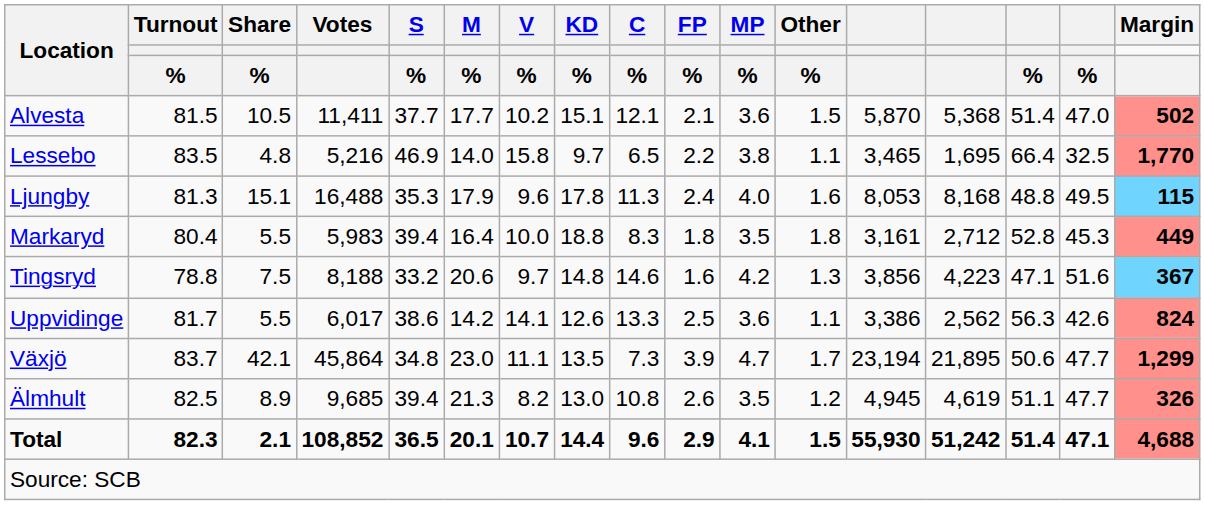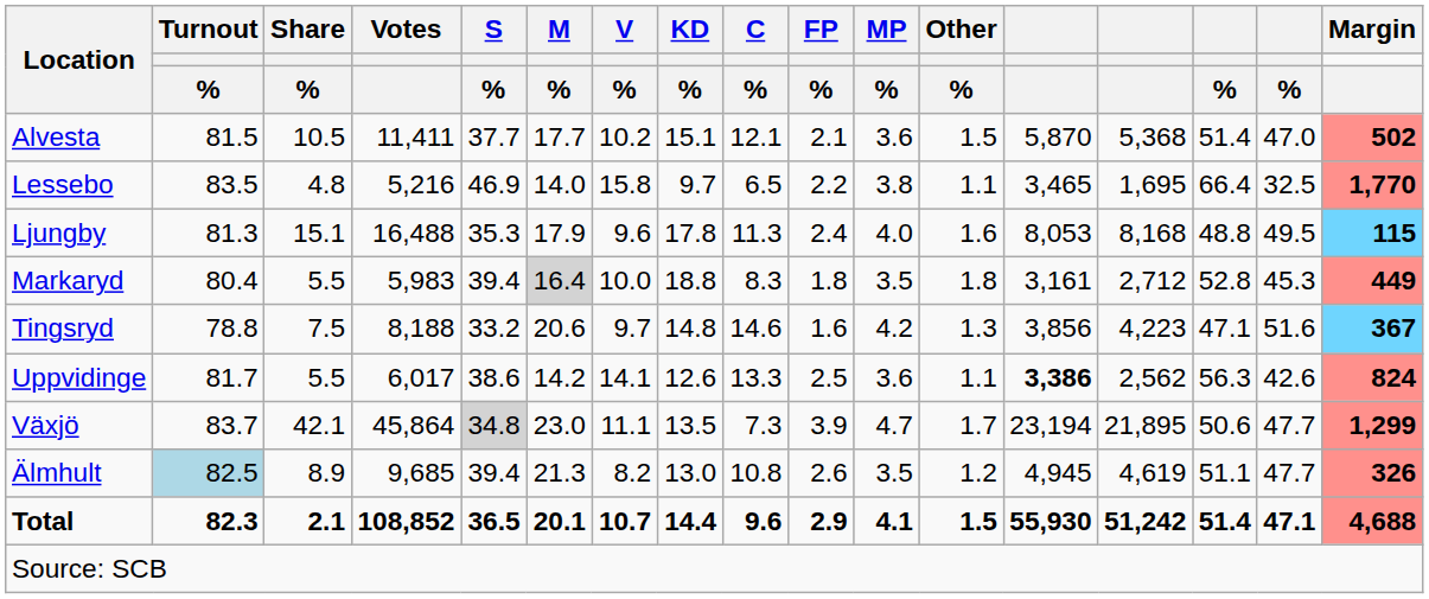 <table class="wikitable sortable" style="text-align:right; font-size:95%; line-height:20px;">
 <tr>
 <th rowspan="3">Location</th>
 <th>Turnout</th>
 <th>Share</th>
 <th>Votes</th>
 <th width="30px" class="unsortable"><a href='#'>S</a></th>
 <th width="30px" class="unsortable"><a href='#'>M</a></th>
 <th width="30px" class="unsortable"><a href='#'>V</a></th>
 <th width="30px" class="unsortable"><a href='#'>KD</a></th>
 <th width="30px" class="unsortable"><a href='#'>C</a></th>
 <th width="30px" class="unsortable"><a href='#'>FP</a></th>
 <th width="30px" class="unsortable"><a href='#'>MP</a></th>
 <th width="30px" class="unsortable">Other</th>
 <th></th>
 <th></th>
 <th></th>
 <th></th>
 <th>Margin</th>
 </tr>
 <tr>
 <th></th>
 <th></th>
 <th></th>
 <th style="background:"></th>
 <th style="background:"></th>
 <th style="background:"></th>
 <th style="background:"></th>
 <th style="background:"></th>
 <th style="background:"></th>
 <th style="background:"></th>
 <th style="background:"></th>
 <th style="background:"></th>
 <th style="background:"></th>
 <th style="background:"></th>
 <th style="background:"></th>
 </tr>
 <tr>
 <th data-sort-type="number">%</th>
 <th data-sort-type="number">%</th>
 <th></th>
 <th data-sort-type="number">%</th>
 <th data-sort-type="number">%</th>
 <th data-sort-type="number">%</th>
 <th data-sort-type="number">%</th>
 <th data-sort-type="number">%</th>
 <th data-sort-type="number">%</th>
 <th data-sort-type="number">%</th>
 <th data-sort-type="number">%</th>
 <th data-sort-type="number"></th>
 <th data-sort-type="number"></th>
 <th data-sort-type="number">%</th>
 <th data-sort-type="number">%</th>
 <th data-sort-type="number"></th>
 </tr>
 <tr>
 <td align=left><a href='#'>Alvesta</a></td>
 <td>81.5</td>
 <td>10.5</td>
 <td>11,411</td>
 <td>37.7</td>
 <td>17.7</td>
 <td>10.2</td>
 <td>15.1</td>
 <td>12.1</td>
 <td>2.1</td>
 <td>3.6</td>
 <td>1.5</td>
 <td>5,870</td>
 <td>5,368</td>
 <td>51.4</td>
 <td>47.0</td>
 <td bgcolor=#ff908c><strong>502</strong></td>
 </tr>
 <tr>
 <td align=left><a href='#'>Lessebo</a></td>
 <td>83.5</td>
 <td>4.8</td>
 <td>5,216</td>
 <td>46.9</td>
 <td>14.0</td>
 <td>15.8</td>
 <td>9.7</td>
 <td>6.5</td>
 <td>2.2</td>
 <td>3.8</td>
 <td>1.1</td>
 <td>3,465</td>
 <td>1,695</td>
 <td>66.4</td>
 <td>32.5</td>
 <td bgcolor=#ff908c><strong>1,770</strong></td>
 </tr>
 <tr>
 <td align=left><a href='#'>Ljungby</a></td>
 <td>81.3</td>
 <td>15.1</td>
 <td>16,488</td>
 <td>35.3</td>
 <td>17.9</td>
 <td>9.6</td>
 <td>17.8</td>
 <td>11.3</td>
 <td>2.4</td>
 <td>4.0</td>
 <td>1.6</td>
 <td>8,053</td>
 <td>8,168</td>
 <td>48.8</td>
 <td>49.5</td>
 <td bgcolor=#6fd5fe><strong>115</strong></td>
 </tr>
 <tr>
 <td align=left><a href='#'>Markaryd</a></td>
 <td>80.4</td>
 <td>5.5</td>
 <td>5,983</td>
 <td>39.4</td>
-<td>16.4</td>
+<td style="background: lightgrey;">16.4</td>
 <td>10.0</td>
 <td>18.8</td>
 <td>8.3</td>
 <td>1.8</td>
 <td>3.5</td>
 <td>1.8</td>
 <td>3,161</td>
 <td>2,712</td>
 <td>52.8</td>
 <td>45.3</td>
 <td bgcolor=#ff908c><strong>449</strong></td>
 </tr>
 <tr>
 <td align=left><a href='#'>Tingsryd</a></td>
 <td>78.8</td>
 <td>7.5</td>
 <td>8,188</td>
 <td>33.2</td>
 <td>20.6</td>
 <td>9.7</td>
 <td>14.8</td>
 <td>14.6</td>
 <td>1.6</td>
 <td>4.2</td>
 <td>1.3</td>
 <td>3,856</td>
 <td>4,223</td>
 <td>47.1</td>
 <td>51.6</td>
 <td bgcolor=#6fd5fe><strong>367</strong></td>
 </tr>
 <tr>
 <td align=left><a href='#'>Uppvidinge</a></td>
 <td>81.7</td>
 <td>5.5</td>
 <td>6,017</td>
 <td>38.6</td>
 <td>14.2</td>
 <td>14.1</td>
 <td>12.6</td>
 <td>13.3</td>
 <td>2.5</td>
 <td>3.6</td>
 <td>1.1</td>
-<td>3,386</td>
+<td><strong>3,386</strong></td>
 <td>2,562</td>
 <td>56.3</td>
 <td>42.6</td>
 <td bgcolor=#ff908c><strong>824</strong></td>
 </tr>
 <tr>
 <td align=left><a href='#'>Växjö</a></td>
 <td>83.7</td>
 <td>42.1</td>
 <td>45,864</td>
-<td>34.8</td>
+<td style="background: lightgrey;">34.8</td>
 <td>23.0</td>
 <td>11.1</td>
 <td>13.5</td>
 <td>7.3</td>
 <td>3.9</td>
 <td>4.7</td>
 <td>1.7</td>
 <td>23,194</td>
 <td>21,895</td>
 <td>50.6</td>
 <td>47.7</td>
 <td bgcolor=#ff908c><strong>1,299</strong></td>
 </tr>
 <tr>
 <td align=left><a href='#'>Älmhult</a></td>
-<td>82.5</td>
+<td style="background: lightblue;">82.5</td>
 <td>8.9</td>
 <td>9,685</td>
 <td>39.4</td>
 <td>21.3</td>
 <td>8.2</td>
 <td>13.0</td>
 <td>10.8</td>
 <td>2.6</td>
 <td>3.5</td>
 <td>1.2</td>
 <td>4,945</td>
 <td>4,619</td>
 <td>51.1</td>
 <td>47.7</td>
 <td bgcolor=#ff908c><strong>326</strong></td>
 </tr>
 <tr>
 <td align=left><strong>Total</strong></td>
 <td><strong>82.3</strong></td>
 <td><strong>2.1</strong></td>
 <td><strong>108,852</strong></td>
 <td><strong>36.5</strong></td>
 <td><strong>20.1</strong></td>
 <td><strong>10.7</strong></td>
 <td><strong>14.4</strong></td>
 <td><strong>9.6</strong></td>
 <td><strong>2.9</strong></td>
 <td><strong>4.1</strong></td>
 <td><strong>1.5</strong></td>
 <td><strong>55,930</strong></td>
 <td><strong>51,242</strong></td>
 <td><strong>51.4</strong></td>
 <td><strong>47.1</strong></td>
 <td bgcolor=#ff908c><strong>4,688</strong></td>
 </tr>
 <tr>
 <td align=left colspan=17>Source: SCB </td>
 </tr>
 </table>
